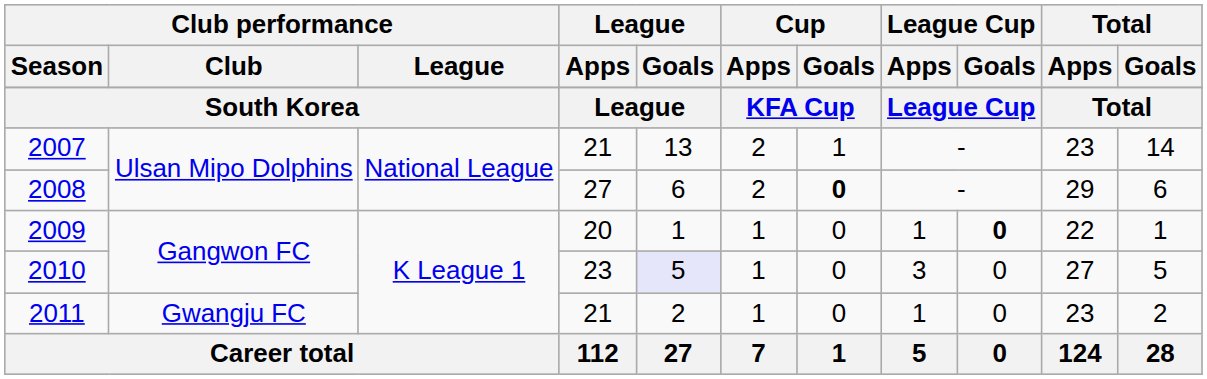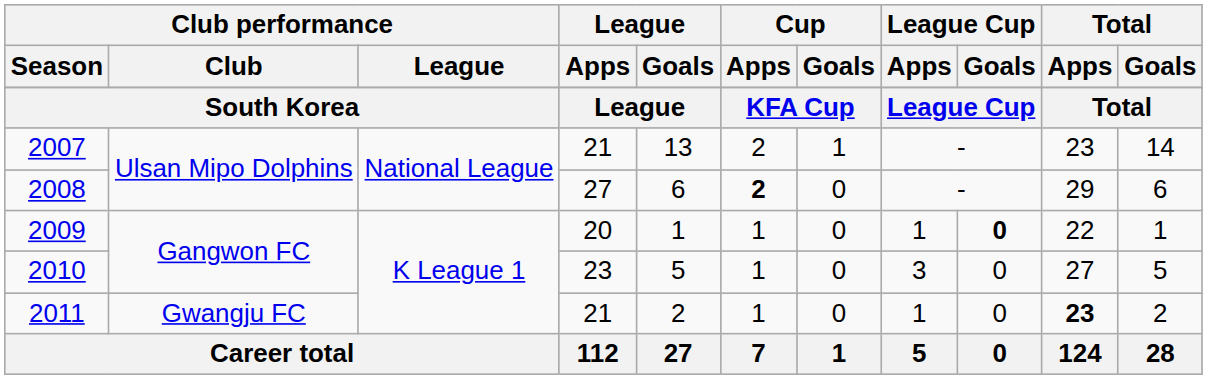 <table class="wikitable" style="text-align:center">
 <tr>
 <th colspan=3>Club performance</th>
 <th colspan=2>League</th>
 <th colspan=2>Cup</th>
 <th colspan=2>League Cup</th>
 <th colspan=2>Total</th>
 </tr>
 <tr>
 <th>Season</th>
 <th>Club</th>
 <th>League</th>
 <th>Apps</th>
 <th>Goals</th>
 <th>Apps</th>
 <th>Goals</th>
 <th>Apps</th>
 <th>Goals</th>
 <th>Apps</th>
 <th>Goals</th>
 </tr>
 <tr>
 </tr>
 <tr>
 <th colspan=3>South Korea</th>
 <th colspan=2>League</th>
 <th colspan=2><a href='#'>KFA Cup</a></th>
 <th colspan=2><a href='#'>League Cup</a></th>
 <th colspan=2>Total</th>
 </tr>
 <tr>
 <td><a href='#'>2007</a></td>
 <td rowspan=2><a href='#'>Ulsan Mipo Dolphins</a></td>
 <td rowspan=2><a href='#'>National League</a></td>
 <td>21</td>
 <td>13</td>
 <td>2</td>
 <td>1</td>
 <td colspan=2>-</td>
 <td>23</td>
 <td>14</td>
 </tr>
 <tr>
 <td><a href='#'>2008</a></td>
 <td>27</td>
 <td>6</td>
-<td>2</td>
-<td><strong>0</strong></td>
+<td><strong>2</strong></td>
+<td>0</td>
 <td colspan=2>-</td>
 <td>29</td>
 <td>6</td>
 </tr>
 <tr>
 <td><a href='#'>2009</a></td>
 <td rowspan=2><a href='#'>Gangwon FC</a></td>
 <td rowspan=3><a href='#'>K League 1</a></td>
 <td>20</td>
 <td>1</td>
 <td>1</td>
 <td>0</td>
 <td>1</td>
 <td><strong>0</strong></td>
 <td>22</td>
 <td>1</td>
 </tr>
 <tr>
 <td><a href='#'>2010</a></td>
 <td>23</td>
-<td style="background: lavender;">5</td>
+<td>5</td>
 <td>1</td>
 <td>0</td>
 <td>3</td>
 <td>0</td>
 <td>27</td>
 <td>5</td>
 </tr>
 <tr>
 <td><a href='#'>2011</a></td>
 <td rowspan=1><a href='#'>Gwangju FC</a></td>
 <td>21</td>
 <td>2</td>
 <td>1</td>
 <td>0</td>
 <td>1</td>
 <td>0</td>
-<td>23</td>
+<td><strong>23</strong></td>
 <td>2</td>
 </tr>
 <tr>
 <th colspan=3>Career total</th>
 <th>112</th>
 <th>27</th>
 <th>7</th>
 <th>1</th>
 <th>5</th>
 <th>0</th>
 <th>124</th>
 <th>28</th>
 </tr>
 </table>
